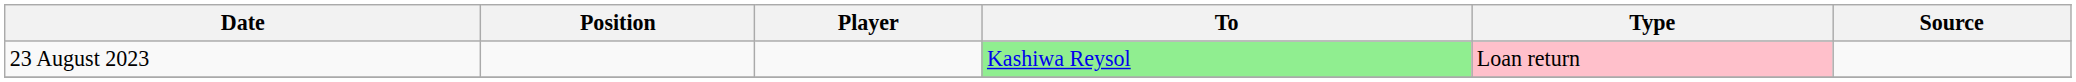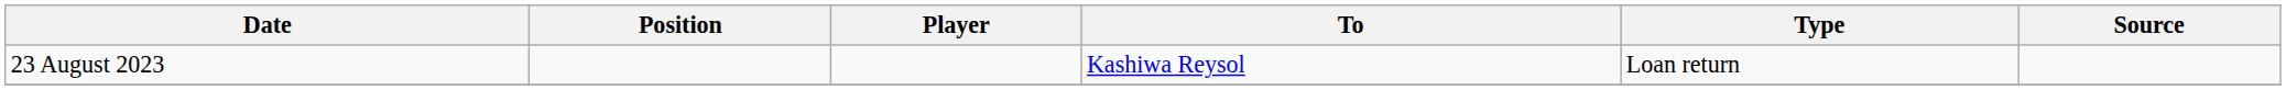 <table class="wikitable sortable" style="width:90%; text-align:center; font-size:95%; text-align:left;">
 <tr>
 <th>Date</th>
 <th>Position</th>
 <th>Player</th>
 <th>To</th>
 <th>Type</th>
 <th>Source</th>
 </tr>
 <tr>
 <td>23 August 2023</td>
 <td></td>
 <td></td>
-<td style="background: lightgreen;"> <a href='#'>Kashiwa Reysol</a></td>
-<td style="background: pink;">Loan return</td>
+<td> <a href='#'>Kashiwa Reysol</a></td>
+<td>Loan return</td>
 <td></td>
 </tr>
 <tr>
 </tr>
 </table>
